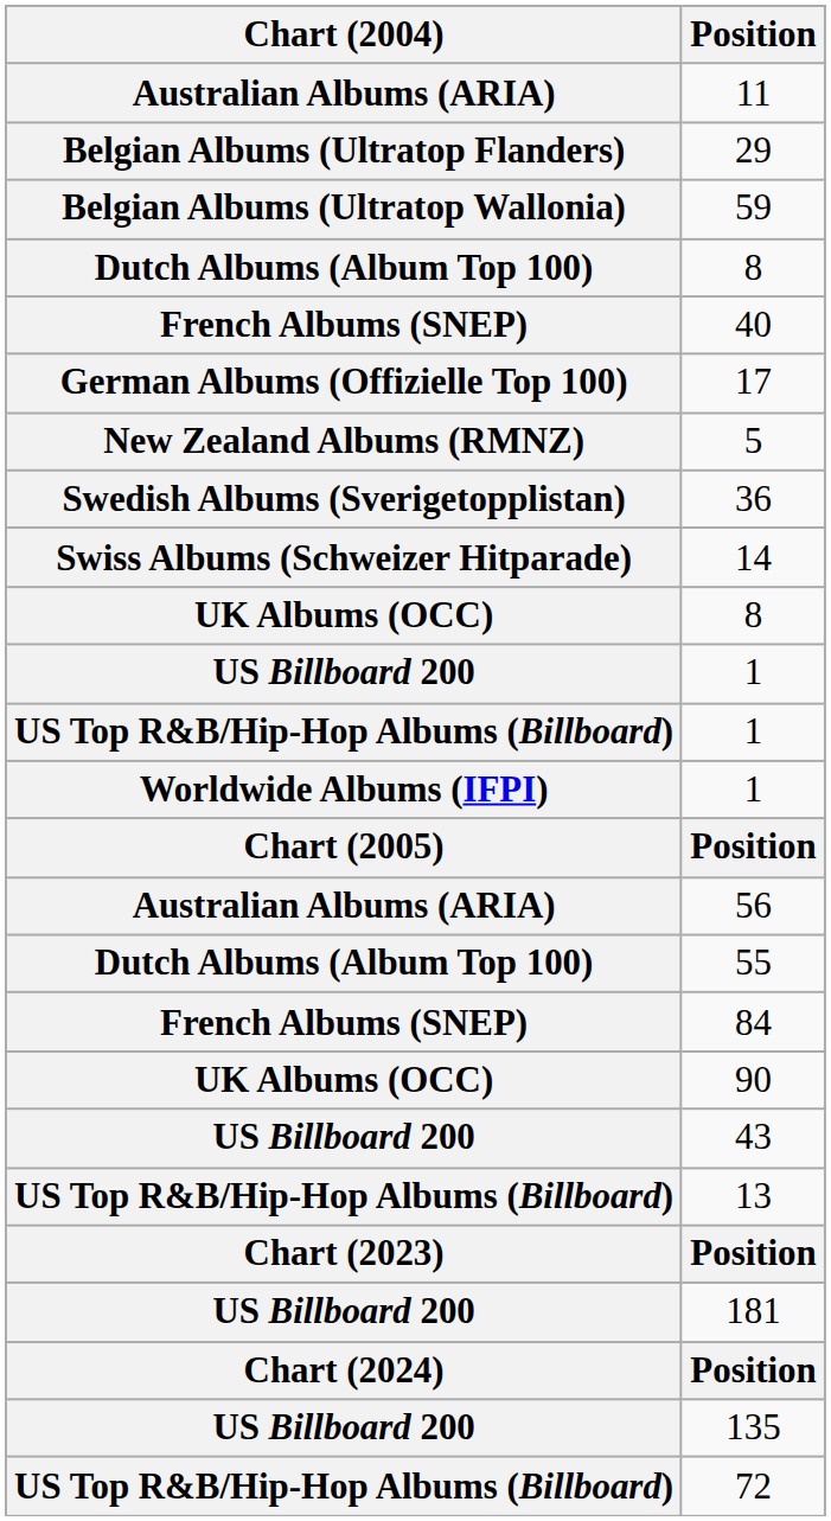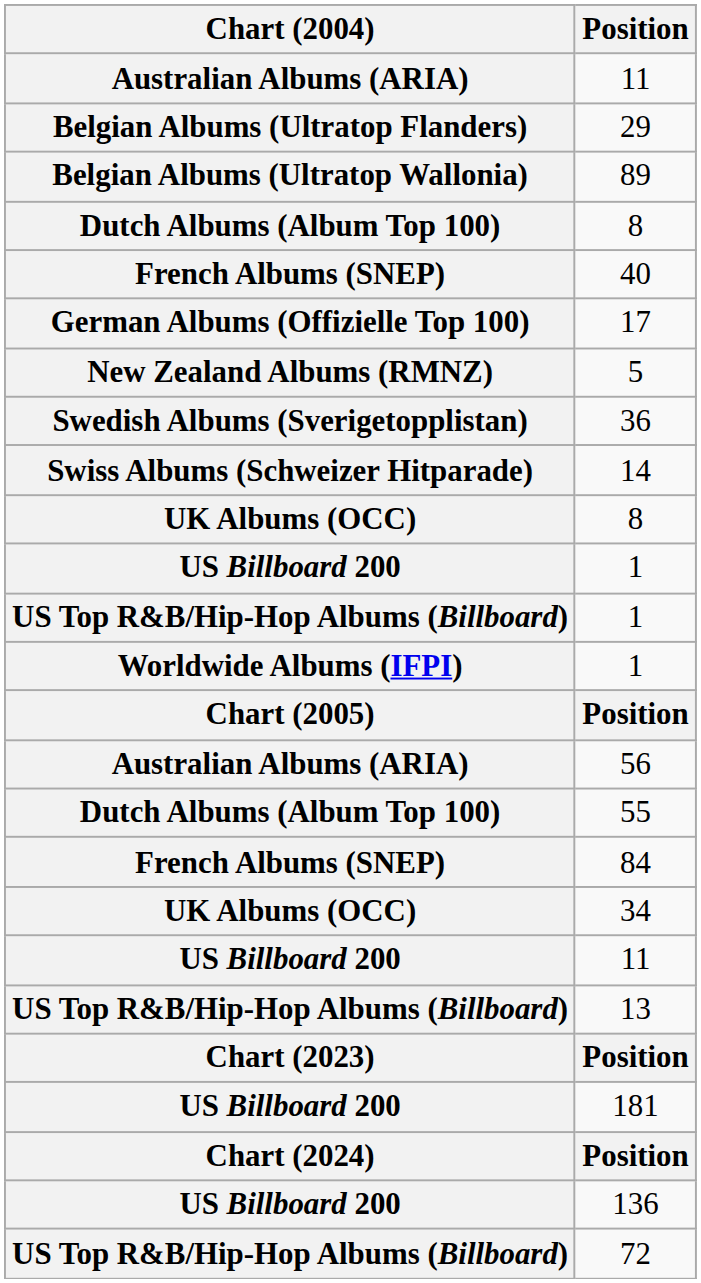 <table class="wikitable sortable plainrowheaders" style="text-align:center">
 <tr>
 <th scope="col">Chart (2004)</th>
 <th scope="col">Position</th>
 </tr>
 <tr>
 <th scope="row">Australian Albums (ARIA)</th>
 <td style="text-align:center;">11</td>
 </tr>
 <tr>
 <th scope="row">Belgian Albums (Ultratop Flanders)</th>
 <td style="text-align:center;">29</td>
 </tr>
 <tr>
 <th scope="row">Belgian Albums (Ultratop Wallonia)</th>
-<td style="text-align:center;">59</td>
+<td style="text-align:center;">89</td>
 </tr>
 <tr>
 <th scope="row">Dutch Albums (Album Top 100)</th>
 <td style="text-align:center;">8</td>
 </tr>
 <tr>
 <th scope="row">French Albums (SNEP)</th>
 <td style="text-align:center;">40</td>
 </tr>
 <tr>
 <th scope="row">German Albums (Offizielle Top 100)</th>
 <td style="text-align:center;">17</td>
 </tr>
 <tr>
 <th scope="row">New Zealand Albums (RMNZ)</th>
 <td>5</td>
 </tr>
 <tr>
 <th scope="row">Swedish Albums (Sverigetopplistan)</th>
 <td style="text-align:center;">36</td>
 </tr>
 <tr>
 <th scope="row">Swiss Albums (Schweizer Hitparade)</th>
 <td style="text-align:center;">14</td>
 </tr>
 <tr>
 <th scope="row">UK Albums (OCC)</th>
 <td style="text-align:center;">8</td>
 </tr>
 <tr>
 <th scope="row">US <em>Billboard</em> 200</th>
 <td style="text-align:center;">1</td>
 </tr>
 <tr>
 <th scope="row">US Top R&B/Hip-Hop Albums (<em>Billboard</em>)</th>
 <td style="text-align:center;">1</td>
 </tr>
 <tr>
 <th scope="row">Worldwide Albums (<a href='#'>IFPI</a>)</th>
 <td style="text-align:center;">1</td>
 </tr>
 <tr>
 <th scope="col">Chart (2005)</th>
 <th scope="col">Position</th>
 </tr>
 <tr>
 <th scope="row">Australian Albums (ARIA)</th>
 <td style="text-align:center;">56</td>
 </tr>
 <tr>
 <th scope="row">Dutch Albums (Album Top 100)</th>
 <td style="text-align:center;">55</td>
 </tr>
 <tr>
 <th scope="row">French Albums (SNEP)</th>
 <td style="text-align:center;">84</td>
 </tr>
 <tr>
 <th scope="row">UK Albums (OCC)</th>
-<td style="text-align:center;">90</td>
+<td style="text-align:center;">34</td>
 </tr>
 <tr>
 <th scope="row">US <em>Billboard</em> 200</th>
-<td style="text-align:center;">43</td>
+<td style="text-align:center;">11</td>
 </tr>
 <tr>
 <th scope="row">US Top R&B/Hip-Hop Albums (<em>Billboard</em>)</th>
 <td style="text-align:center;">13</td>
 </tr>
 <tr>
 <th scope="col">Chart (2023)</th>
 <th scope="col">Position</th>
 </tr>
 <tr>
 <th scope="row">US <em>Billboard</em> 200</th>
 <td>181</td>
 </tr>
 <tr>
 <th scope="col">Chart (2024)</th>
 <th scope="col">Position</th>
 </tr>
 <tr>
 <th scope="row">US <em>Billboard</em> 200</th>
-<td>135</td>
+<td>136</td>
 </tr>
 <tr>
 <th scope="row">US Top R&B/Hip-Hop Albums (<em>Billboard</em>)</th>
 <td>72</td>
 </tr>
 </table>
